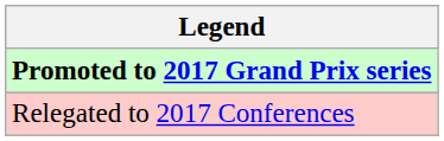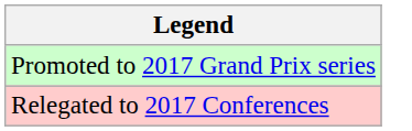 <table class="wikitable">
 <tr>
 <th>Legend</th>
 </tr>
 <tr bgcolor=ccffcc>
-<td><strong>Promoted to <a href='#'>2017 Grand Prix series</a></strong></td>
+<td>Promoted to <a href='#'>2017 Grand Prix series</a></td>
 </tr>
 <tr bgcolor=ffcccc>
 <td>Relegated to <a href='#'>2017 Conferences</a></td>
 </tr>
 </table>
